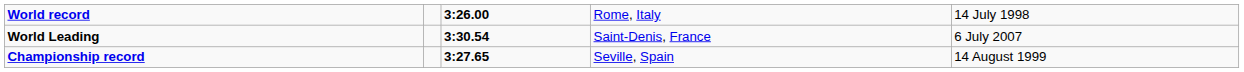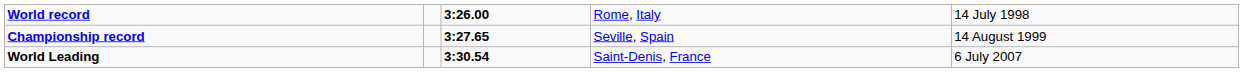 <table class="wikitable" width=75%>
 <tr>
 <td><strong><a href='#'>World record</a></strong></td>
 <td></td>
 <td><strong>3:26.00</strong></td>
 <td><a href='#'>Rome</a>, <a href='#'>Italy</a></td>
 <td>14 July 1998</td>
 </tr>
 <tr>
+<td><strong><a href='#'>Championship record</a></strong></td>
+<td></td>
+<td><strong>3:27.65</strong></td>
+<td><a href='#'>Seville</a>, <a href='#'>Spain</a></td>
+<td>14 August 1999</td>
+</tr>
+<tr>
 <td><strong>World Leading</strong></td>
 <td></td>
 <td><strong>3:30.54</strong></td>
 <td><a href='#'>Saint-Denis</a>, <a href='#'>France</a></td>
 <td>6 July 2007</td>
 </tr>
-<tr>
-<td><strong><a href='#'>Championship record</a></strong></td>
-<td></td>
-<td><strong>3:27.65</strong></td>
-<td><a href='#'>Seville</a>, <a href='#'>Spain</a></td>
-<td>14 August 1999</td>
-</tr>
 </table>
